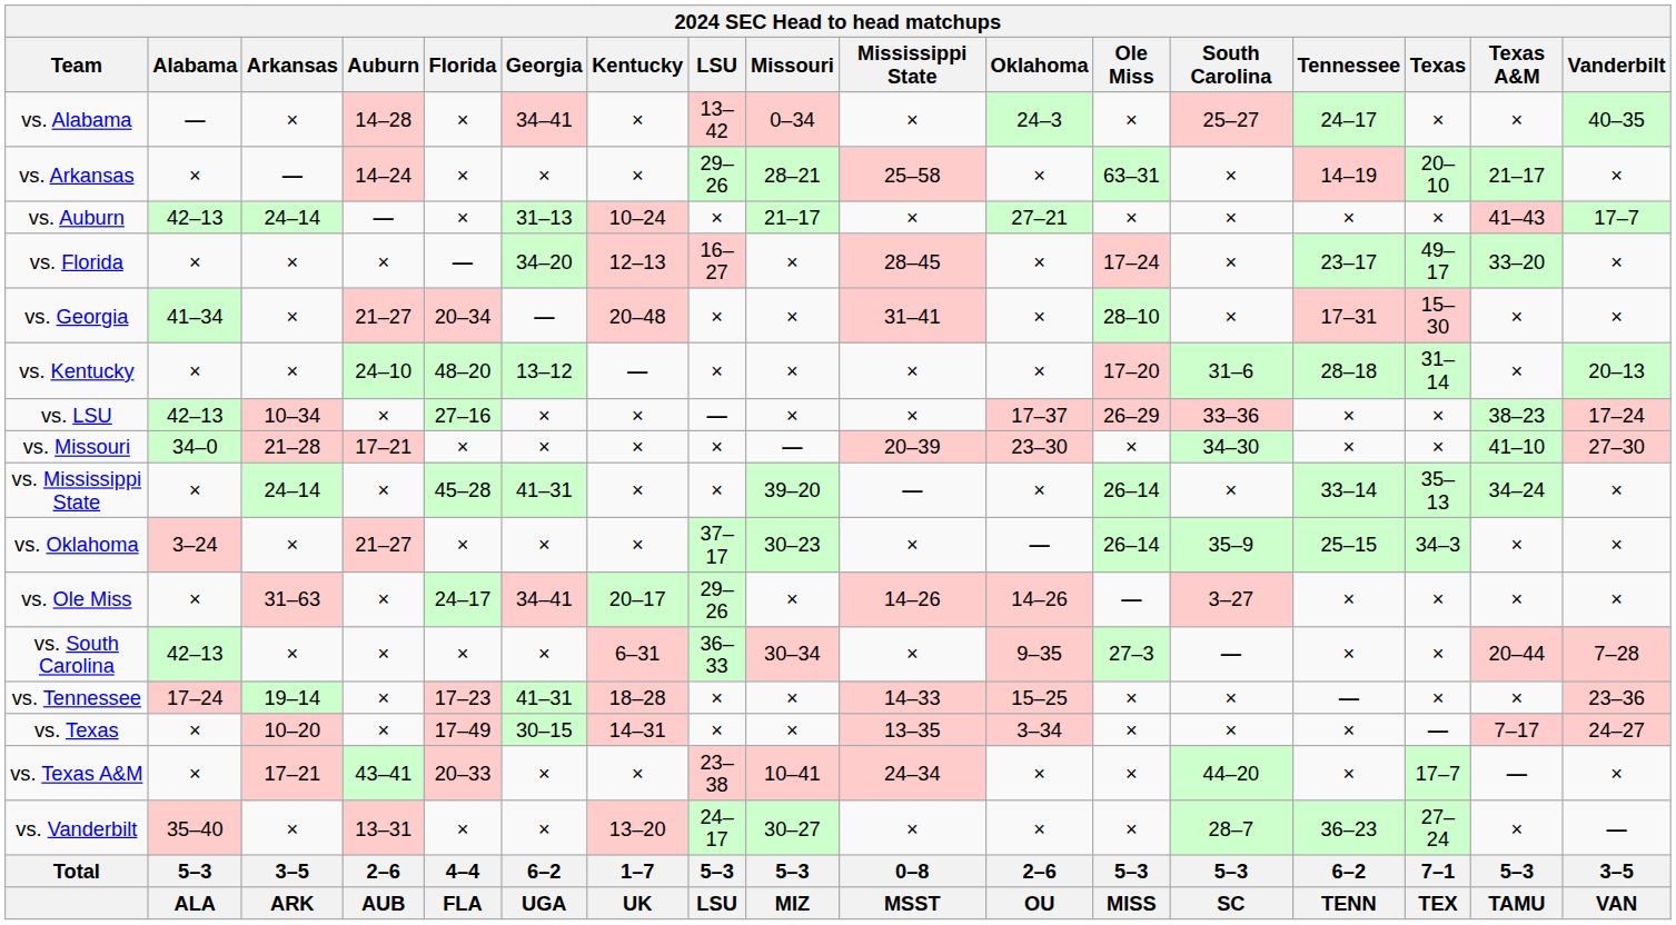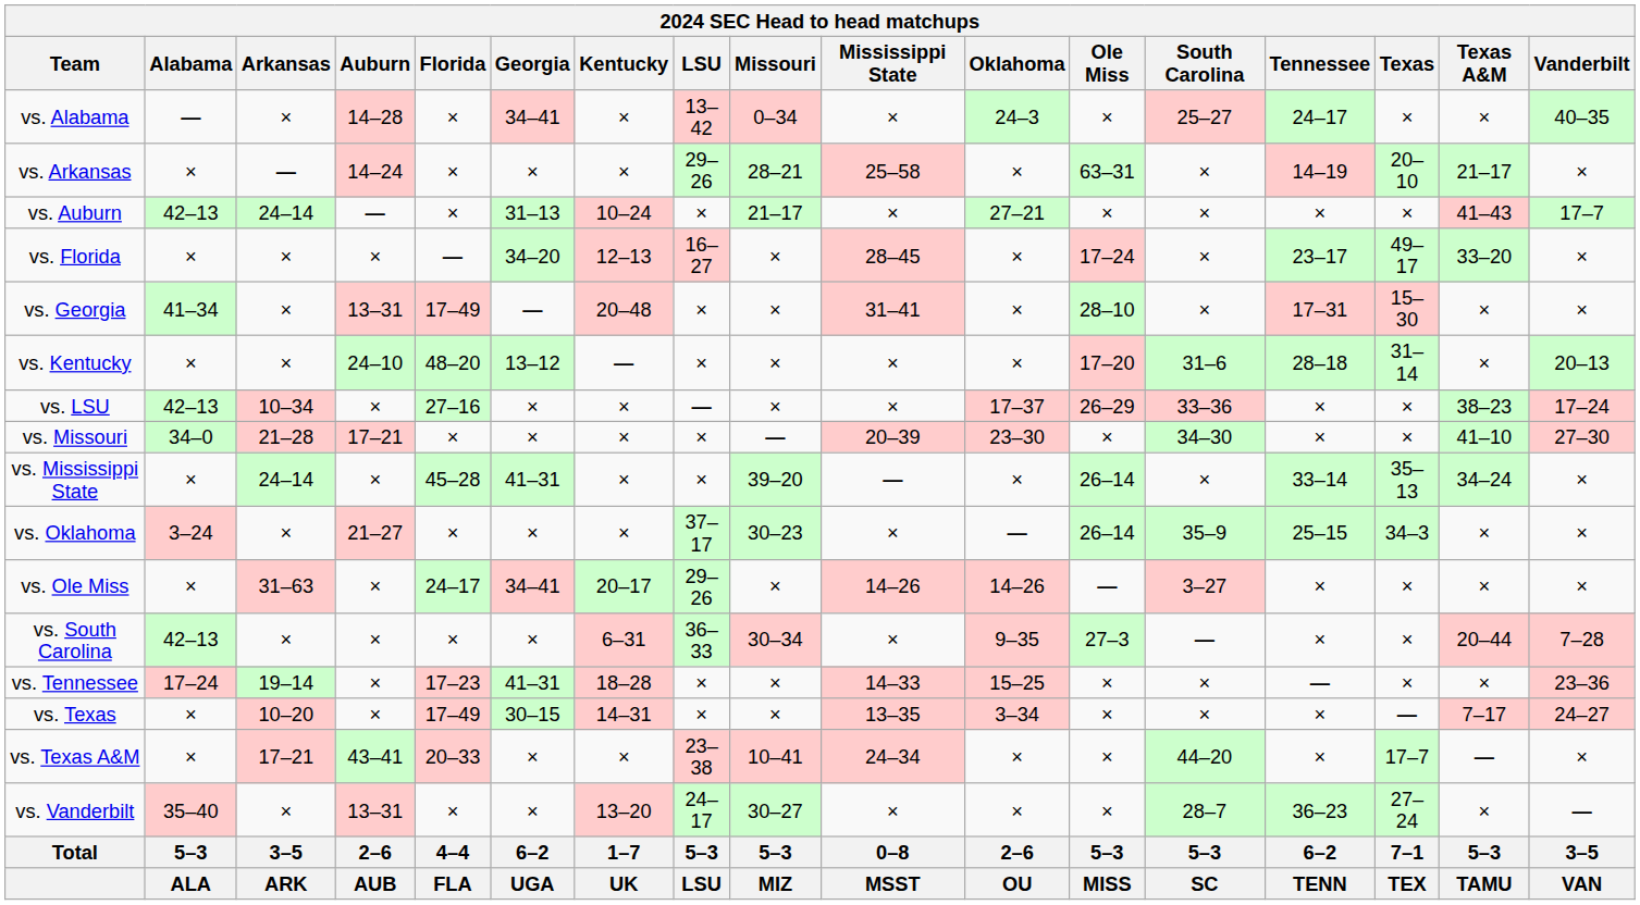 <table class="wikitable" style="font-size:95%; text-align:center;">
 <tr>
 <th colspan=17>2024 SEC Head to head matchups</th>
 </tr>
 <tr>
 <th style="width:100px;">Team</th>
 <th>Alabama</th>
 <th>Arkansas</th>
 <th>Auburn</th>
 <th>Florida</th>
 <th>Georgia</th>
 <th>Kentucky</th>
 <th>LSU</th>
 <th>Missouri</th>
 <th>Mississippi State</th>
 <th>Oklahoma</th>
 <th>Ole Miss</th>
 <th>South Carolina</th>
 <th>Tennessee</th>
 <th>Texas</th>
 <th>Texas A&M</th>
 <th>Vanderbilt</th>
 </tr>
 <tr>
 <td>vs. <a href='#'>Alabama</a></td>
 <td><strong>—</strong></td>
 <td>×</td>
 <td bgcolor=#fcc>14–28</td>
 <td>×</td>
 <td bgcolor=#fcc>34–41</td>
 <td>×</td>
 <td bgcolor=#fcc>13–42</td>
 <td bgcolor=#fcc>0–34</td>
 <td>×</td>
 <td bgcolor=#cfc>24–3</td>
 <td>×</td>
 <td bgcolor=#fcc>25–27</td>
 <td bgcolor=#cfc>24–17</td>
 <td>×</td>
 <td>×</td>
 <td bgcolor=#cfc>40–35</td>
 </tr>
 <tr>
 <td>vs. <a href='#'>Arkansas</a></td>
 <td>×</td>
 <td><strong>—</strong></td>
 <td bgcolor=#fcc>14–24</td>
 <td>×</td>
 <td>×</td>
 <td>×</td>
 <td bgcolor=#cfc>29–26</td>
 <td bgcolor=#cfc>28–21</td>
 <td bgcolor=#fcc>25–58</td>
 <td>×</td>
 <td bgcolor=#cfc>63–31</td>
 <td>×</td>
 <td bgcolor=#fcc>14–19</td>
 <td bgcolor=#cfc>20–10</td>
 <td bgcolor=#cfc>21–17</td>
 <td>×</td>
 </tr>
 <tr>
 <td>vs. <a href='#'>Auburn</a></td>
 <td bgcolor=#cfc>42–13</td>
 <td bgcolor=#cfc>24–14</td>
 <td><strong>—</strong></td>
 <td>×</td>
 <td bgcolor=#cfc>31–13</td>
 <td bgcolor=#fcc>10–24</td>
 <td>×</td>
 <td bgcolor=#cfc>21–17</td>
 <td>×</td>
 <td bgcolor=#cfc>27–21</td>
 <td>×</td>
 <td>×</td>
 <td>×</td>
 <td>×</td>
 <td bgcolor=#fcc>41–43</td>
 <td bgcolor=#cfc>17–7</td>
 </tr>
 <tr>
 <td>vs. <a href='#'>Florida</a></td>
 <td>×</td>
 <td>×</td>
 <td>×</td>
 <td><strong>—</strong></td>
 <td bgcolor=#cfc>34–20</td>
 <td bgcolor=#fcc>12–13</td>
 <td bgcolor=#fcc>16–27</td>
 <td>×</td>
 <td bgcolor=#fcc>28–45</td>
 <td>×</td>
 <td bgcolor=#fcc>17–24</td>
 <td>×</td>
 <td bgcolor=#cfc>23–17</td>
 <td bgcolor=#cfc>49–17</td>
 <td bgcolor=#cfc>33–20</td>
 <td>×</td>
 </tr>
 <tr>
 <td>vs. <a href='#'>Georgia</a></td>
 <td bgcolor=#cfc>41–34</td>
 <td>×</td>
-<td bgcolor=#fcc>21–27</td>
-<td bgcolor=#fcc>20–34</td>
+<td bgcolor=#fcc>13–31</td>
+<td bgcolor=#fcc>17–49</td>
 <td><strong>—</strong></td>
 <td bgcolor=#fcc>20–48</td>
 <td>×</td>
 <td>×</td>
 <td bgcolor=#fcc>31–41</td>
 <td>×</td>
 <td bgcolor=#cfc>28–10</td>
 <td>×</td>
 <td bgcolor=#fcc>17–31</td>
 <td bgcolor=#fcc>15–30</td>
 <td>×</td>
 <td>×</td>
 </tr>
 <tr>
 <td>vs. <a href='#'>Kentucky</a></td>
 <td>×</td>
 <td>×</td>
 <td bgcolor=#cfc>24–10</td>
 <td bgcolor=#cfc>48–20</td>
 <td bgcolor=#cfc>13–12</td>
 <td><strong>—</strong></td>
 <td>×</td>
 <td>×</td>
 <td>×</td>
 <td>×</td>
 <td bgcolor=#fcc>17–20</td>
 <td bgcolor=#cfc>31–6</td>
 <td bgcolor=#cfc>28–18</td>
 <td bgcolor=#cfc>31–14</td>
 <td>×</td>
 <td bgcolor=#cfc>20–13</td>
 </tr>
 <tr>
 <td>vs. <a href='#'>LSU</a></td>
 <td bgcolor=#cfc>42–13</td>
 <td bgcolor=#fcc>10–34</td>
 <td>×</td>
 <td bgcolor=#cfc>27–16</td>
 <td>×</td>
 <td>×</td>
 <td><strong>—</strong></td>
 <td>×</td>
 <td>×</td>
 <td bgcolor=#fcc>17–37</td>
 <td bgcolor=#fcc>26–29</td>
 <td bgcolor=#fcc>33–36</td>
 <td>×</td>
 <td>×</td>
 <td bgcolor=#cfc>38–23</td>
 <td bgcolor=#fcc>17–24</td>
 </tr>
 <tr>
 <td>vs. <a href='#'>Missouri</a></td>
 <td bgcolor=#cfc>34–0</td>
 <td bgcolor=#fcc>21–28</td>
 <td bgcolor=#fcc>17–21</td>
 <td>×</td>
 <td>×</td>
 <td>×</td>
 <td>×</td>
 <td><strong>—</strong></td>
 <td bgcolor=#fcc>20–39</td>
 <td bgcolor=#fcc>23–30</td>
 <td>×</td>
 <td bgcolor=#cfc>34–30</td>
 <td>×</td>
 <td>×</td>
 <td bgcolor=#cfc>41–10</td>
 <td bgcolor=#fcc>27–30</td>
 </tr>
 <tr>
 <td>vs. <a href='#'>Mississippi State</a></td>
 <td>×</td>
 <td bgcolor=#cfc>24–14</td>
 <td>×</td>
 <td bgcolor=#cfc>45–28</td>
 <td bgcolor=#cfc>41–31</td>
 <td>×</td>
 <td>×</td>
 <td bgcolor=#cfc>39–20</td>
 <td><strong>—</strong></td>
 <td>×</td>
 <td bgcolor=#cfc>26–14</td>
 <td>×</td>
 <td bgcolor=#cfc>33–14</td>
 <td bgcolor=#cfc>35–13</td>
 <td bgcolor=#cfc>34–24</td>
 <td>×</td>
 </tr>
 <tr>
 <td>vs. <a href='#'>Oklahoma</a></td>
 <td bgcolor=#fcc>3–24</td>
 <td>×</td>
 <td bgcolor=#fcc>21–27</td>
 <td>×</td>
 <td>×</td>
 <td>×</td>
 <td bgcolor=#cfc>37–17</td>
 <td bgcolor=#cfc>30–23</td>
 <td>×</td>
 <td><strong>—</strong></td>
 <td bgcolor=#cfc>26–14</td>
 <td bgcolor=#cfc>35–9</td>
 <td bgcolor=#cfc>25–15</td>
 <td bgcolor=#cfc>34–3</td>
 <td>×</td>
 <td>×</td>
 </tr>
 <tr>
 <td>vs. <a href='#'>Ole Miss</a></td>
 <td>×</td>
 <td bgcolor=#fcc>31–63</td>
 <td>×</td>
 <td bgcolor=#cfc>24–17</td>
 <td bgcolor=#fcc>34–41</td>
 <td bgcolor=#cfc>20–17</td>
 <td bgcolor=#cfc>29–26</td>
 <td>×</td>
 <td bgcolor=#fcc>14–26</td>
 <td bgcolor=#fcc>14–26</td>
 <td><strong>—</strong></td>
 <td bgcolor=#fcc>3–27</td>
 <td>×</td>
 <td>×</td>
 <td>×</td>
 <td>×</td>
 </tr>
 <tr>
 <td>vs. <a href='#'>South Carolina</a></td>
 <td bgcolor=#cfc>42–13</td>
 <td>×</td>
 <td>×</td>
 <td>×</td>
 <td>×</td>
 <td bgcolor=#fcc>6–31</td>
 <td bgcolor=#cfc>36–33</td>
 <td bgcolor=#fcc>30–34</td>
 <td>×</td>
 <td bgcolor=#fcc>9–35</td>
 <td bgcolor=#cfc>27–3</td>
 <td><strong>—</strong></td>
 <td>×</td>
 <td>×</td>
 <td bgcolor=#fcc>20–44</td>
 <td bgcolor=#fcc>7–28</td>
 </tr>
 <tr>
 <td>vs. <a href='#'>Tennessee</a></td>
 <td bgcolor=#fcc>17–24</td>
 <td bgcolor=#cfc>19–14</td>
 <td>×</td>
 <td bgcolor=#fcc>17–23</td>
 <td bgcolor=#cfc>41–31</td>
 <td bgcolor=#fcc>18–28</td>
 <td>×</td>
 <td>×</td>
 <td bgcolor=#fcc>14–33</td>
 <td bgcolor=#fcc>15–25</td>
 <td>×</td>
 <td>×</td>
 <td><strong>—</strong></td>
 <td>×</td>
 <td>×</td>
 <td bgcolor=#fcc>23–36</td>
 </tr>
 <tr>
 <td>vs. <a href='#'>Texas</a></td>
 <td>×</td>
 <td bgcolor=#fcc>10–20</td>
 <td>×</td>
 <td bgcolor=#fcc>17–49</td>
 <td bgcolor=#cfc>30–15</td>
 <td bgcolor=#fcc>14–31</td>
 <td>×</td>
 <td>×</td>
 <td bgcolor=#fcc>13–35</td>
 <td bgcolor=#fcc>3–34</td>
 <td>×</td>
 <td>×</td>
 <td>×</td>
 <td><strong>—</strong></td>
 <td bgcolor=#fcc>7–17</td>
 <td bgcolor=#fcc>24–27</td>
 </tr>
 <tr>
 <td>vs. <a href='#'>Texas A&M</a></td>
 <td>×</td>
 <td bgcolor=#fcc>17–21</td>
 <td bgcolor=#cfc>43–41</td>
 <td bgcolor=#fcc>20–33</td>
 <td>×</td>
 <td>×</td>
 <td bgcolor=#fcc>23–38</td>
 <td bgcolor=#fcc>10–41</td>
 <td bgcolor=#fcc>24–34</td>
 <td>×</td>
 <td>×</td>
 <td bgcolor=#cfc>44–20</td>
 <td>×</td>
 <td bgcolor=#cfc>17–7</td>
 <td><strong>—</strong></td>
 <td>×</td>
 </tr>
 <tr>
 <td>vs. <a href='#'>Vanderbilt</a></td>
 <td bgcolor=#fcc>35–40</td>
 <td>×</td>
 <td bgcolor=#fcc>13–31</td>
 <td>×</td>
 <td>×</td>
 <td bgcolor=#fcc>13–20</td>
 <td bgcolor=#cfc>24–17</td>
 <td bgcolor=#cfc>30–27</td>
 <td>×</td>
 <td>×</td>
 <td>×</td>
 <td bgcolor=#cfc>28–7</td>
 <td bgcolor=#cfc>36–23</td>
 <td bgcolor=#cfc>27–24</td>
 <td>×</td>
 <td><strong>—</strong></td>
 </tr>
 <tr style="text-align:center;">
 <th>Total</th>
 <th>5–3</th>
 <th>3–5</th>
 <th>2–6</th>
 <th>4–4</th>
 <th>6–2</th>
 <th>1–7</th>
 <th>5–3</th>
 <th>5–3</th>
 <th>0–8</th>
 <th>2–6</th>
 <th>5–3</th>
 <th>5–3</th>
 <th>6–2</th>
 <th>7–1</th>
 <th>5–3</th>
 <th>3–5</th>
 </tr>
 <tr>
 <th style="width:100px;"></th>
 <th>ALA</th>
 <th>ARK</th>
 <th>AUB</th>
 <th>FLA</th>
 <th>UGA</th>
 <th>UK</th>
 <th>LSU</th>
 <th>MIZ</th>
 <th>MSST</th>
 <th>OU</th>
 <th>MISS</th>
 <th>SC</th>
 <th>TENN</th>
 <th>TEX</th>
 <th>TAMU</th>
 <th>VAN</th>
 </tr>
 </table>
